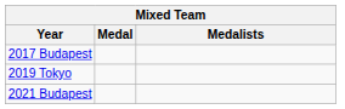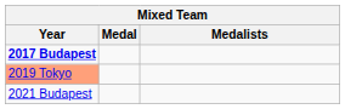 <table class="wikitable" style="text-align: center;">
 <tr>
 <th colspan=3>Mixed Team</th>
 </tr>
 <tr>
 <th>Year</th>
 <th>Medal</th>
 <th width=250>Medalists</th>
 </tr>
 <tr>
-<td align=left> <a href='#'>2017 Budapest</a></td>
+<td align=left><strong> <a href='#'>2017 Budapest</a></strong></td>
 <td></td>
 <td></td>
 </tr>
 <tr>
-<td align=left> <a href='#'>2019 Tokyo</a></td>
+<td align=left style="background: lightsalmon;"> <a href='#'>2019 Tokyo</a></td>
 <td></td>
 <td></td>
 </tr>
 <tr>
 <td align=left> <a href='#'>2021 Budapest</a></td>
 <td></td>
 <td></td>
 </tr>
 </table>
